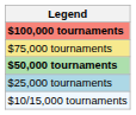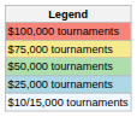 <table class="wikitable" style="font-size:85%;">
 <tr>
 <th>Legend</th>
 </tr>
 <tr style="background:#f88379;">
-<td><strong>$100,000 tournaments</strong></td>
+<td>$100,000 tournaments</td>
 </tr>
 <tr style="background:#f7e98e;">
 <td>$75,000 tournaments</td>
 </tr>
 <tr style="background:#addfad;">
-<td><strong>$50,000 tournaments</strong></td>
+<td>$50,000 tournaments</td>
 </tr>
 <tr style="background:lightblue;">
 <td>$25,000 tournaments</td>
 </tr>
 <tr style="background:#f0f8ff;">
 <td>$10/15,000 tournaments</td>
 </tr>
 </table>
